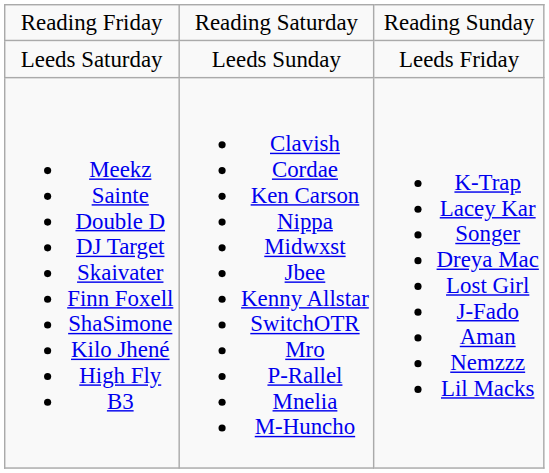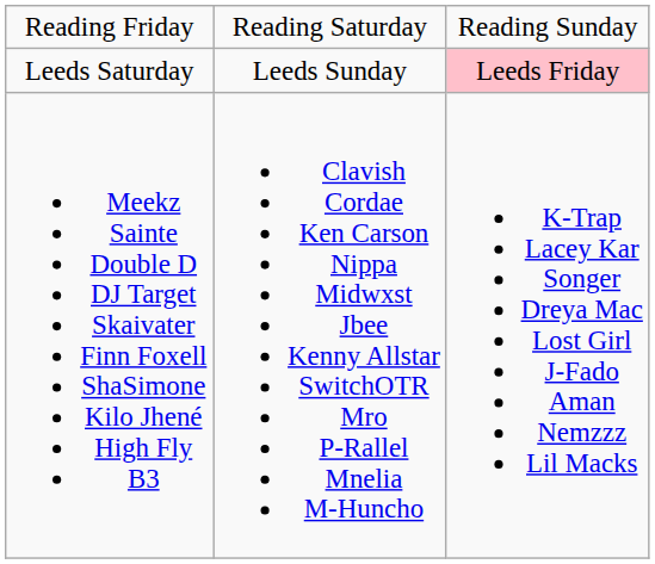 <table class="wikitable" style="text-align:center;">
 <tr>
 <td>Reading Friday</td>
 <td>Reading Saturday</td>
 <td>Reading Sunday</td>
 </tr>
 <tr>
 <td>Leeds Saturday</td>
 <td>Leeds Sunday</td>
-<td>Leeds Friday</td>
+<td style="background: pink;">Leeds Friday</td>
 </tr>
 <tr>
 <td><br><ul><li><a href='#'>Meekz</a></li><li><a href='#'>Sainte</a></li><li><a href='#'>Double D</a></li><li><a href='#'>DJ Target</a></li><li><a href='#'>Skaivater</a></li><li><a href='#'>Finn Foxell</a></li><li><a href='#'>ShaSimone</a></li><li><a href='#'>Kilo Jhené</a></li><li><a href='#'>High Fly</a></li><li><a href='#'>B3</a></li></ul></td>
 <td><br><ul><li><a href='#'>Clavish</a></li><li><a href='#'>Cordae</a></li><li><a href='#'>Ken Carson</a></li><li><a href='#'>Nippa</a></li><li><a href='#'>Midwxst</a></li><li><a href='#'>Jbee</a></li><li><a href='#'>Kenny Allstar</a></li><li><a href='#'>SwitchOTR</a></li><li><a href='#'>Mro</a></li><li><a href='#'>P-Rallel</a></li><li><a href='#'>Mnelia</a></li><li><a href='#'>M-Huncho</a></li></ul></td>
 <td><br><ul><li><a href='#'>K-Trap</a></li><li><a href='#'>Lacey Kar</a></li><li><a href='#'>Songer</a></li><li><a href='#'>Dreya Mac</a></li><li><a href='#'>Lost Girl</a></li><li><a href='#'>J-Fado</a></li><li><a href='#'>Aman</a></li><li><a href='#'>Nemzzz</a></li><li><a href='#'>Lil Macks</a></li></ul></td>
 </tr>
 </table>
